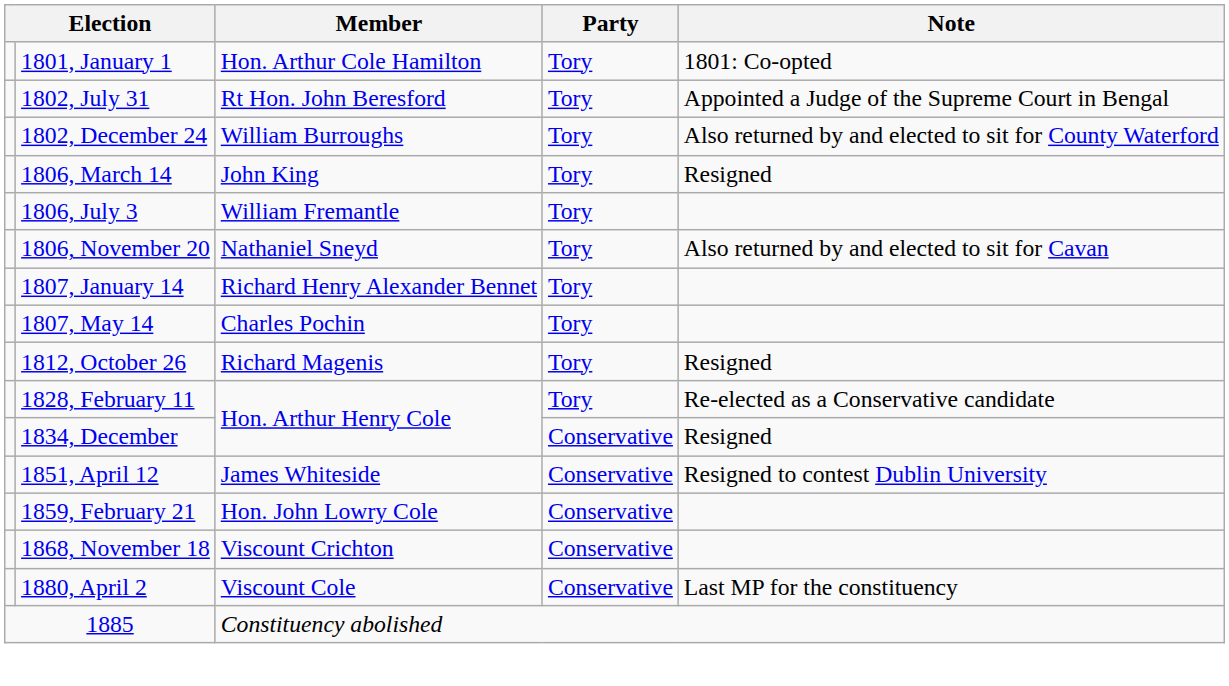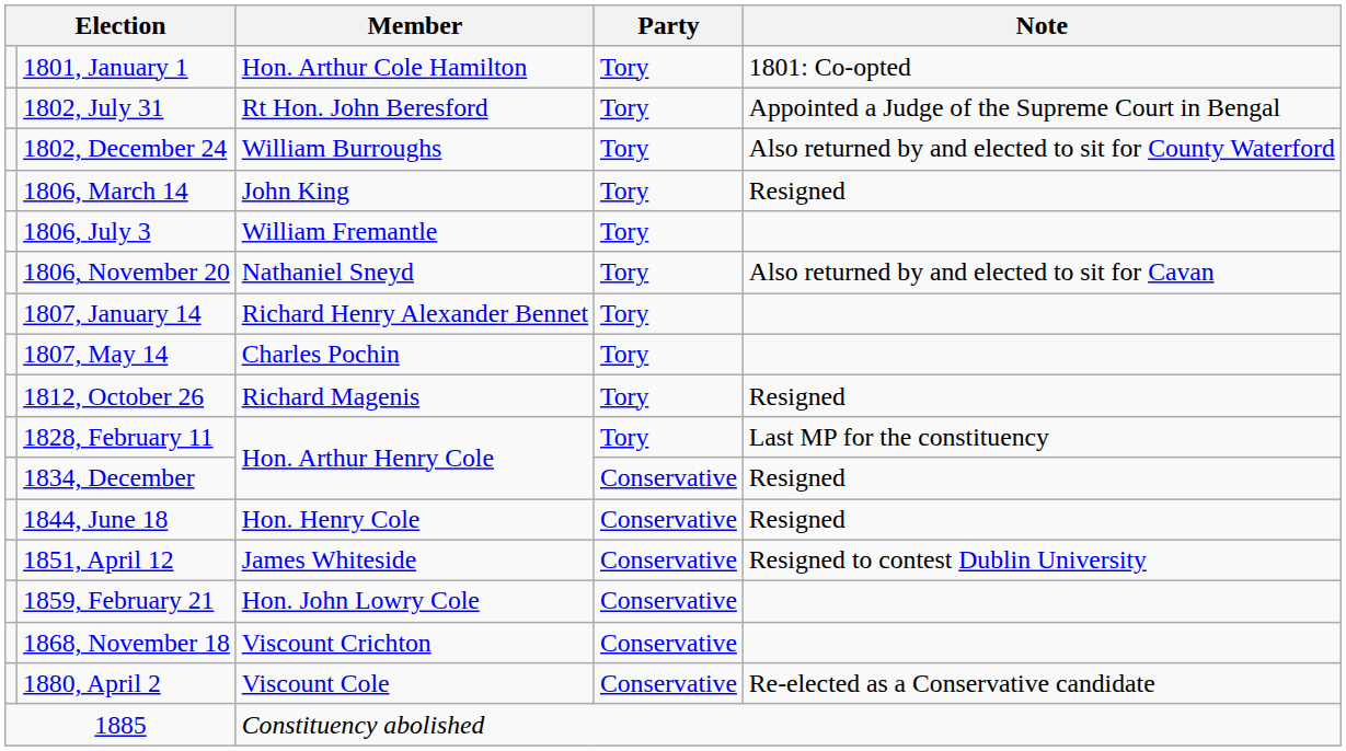 <table class="wikitable">
 <tr>
 <th colspan="2">Election</th>
 <th>Member</th>
 <th>Party</th>
 <th>Note</th>
 </tr>
 <tr>
 <td style="color:inherit;background-color: "></td>
 <td><a href='#'>1801, January 1</a></td>
 <td><a href='#'>Hon. Arthur Cole Hamilton</a></td>
 <td><a href='#'>Tory</a></td>
 <td>1801: Co-opted</td>
 </tr>
 <tr>
 <td style="color:inherit;background-color: "></td>
 <td><a href='#'>1802, July 31</a></td>
 <td><a href='#'>Rt Hon. John Beresford</a></td>
 <td><a href='#'>Tory</a></td>
 <td>Appointed a Judge of the Supreme Court in Bengal</td>
 </tr>
 <tr>
 <td style="color:inherit;background-color: "></td>
 <td><a href='#'>1802, December 24</a></td>
 <td><a href='#'>William Burroughs</a></td>
 <td><a href='#'>Tory</a></td>
 <td>Also returned by and elected to sit for <a href='#'>County Waterford</a></td>
 </tr>
 <tr>
 <td style="color:inherit;background-color: "></td>
 <td><a href='#'>1806, March 14</a></td>
 <td><a href='#'>John King</a></td>
 <td><a href='#'>Tory</a></td>
 <td>Resigned</td>
 </tr>
 <tr>
 <td style="color:inherit;background-color: "></td>
 <td><a href='#'>1806, July 3</a></td>
 <td><a href='#'>William Fremantle</a></td>
 <td><a href='#'>Tory</a></td>
 <td></td>
 </tr>
 <tr>
 <td style="color:inherit;background-color: "></td>
 <td><a href='#'>1806, November 20</a></td>
 <td><a href='#'>Nathaniel Sneyd</a></td>
 <td><a href='#'>Tory</a></td>
 <td>Also returned by and elected to sit for <a href='#'>Cavan</a></td>
 </tr>
 <tr>
 <td style="color:inherit;background-color: "></td>
 <td><a href='#'>1807, January 14</a></td>
 <td><a href='#'>Richard Henry Alexander Bennet</a></td>
 <td><a href='#'>Tory</a></td>
 <td></td>
 </tr>
 <tr>
 <td style="color:inherit;background-color: "></td>
 <td><a href='#'>1807, May 14</a></td>
 <td><a href='#'>Charles Pochin</a></td>
 <td><a href='#'>Tory</a></td>
 <td></td>
 </tr>
 <tr>
 <td style="color:inherit;background-color: "></td>
 <td><a href='#'>1812, October 26</a></td>
 <td><a href='#'>Richard Magenis</a></td>
 <td><a href='#'>Tory</a></td>
 <td>Resigned</td>
 </tr>
 <tr>
 <td style="color:inherit;background-color: "></td>
 <td><a href='#'>1828, February 11</a></td>
 <td rowspan="2"><a href='#'>Hon. Arthur Henry Cole</a></td>
 <td><a href='#'>Tory</a></td>
-<td>Re-elected as a Conservative candidate</td>
+<td>Last MP for the constituency</td>
 </tr>
 <tr>
 <td style="color:inherit;background-color: "></td>
 <td><a href='#'>1834, December</a></td>
+<td><a href='#'>Conservative</a></td>
+<td>Resigned</td>
+</tr>
+<tr>
+<td style="color:inherit;background-color: "></td>
+<td><a href='#'>1844, June 18</a></td>
+<td><a href='#'>Hon. Henry Cole</a></td>
 <td><a href='#'>Conservative</a></td>
 <td>Resigned</td>
 </tr>
 <tr>
 <td style="color:inherit;background-color: "></td>
 <td><a href='#'>1851, April 12</a></td>
 <td><a href='#'>James Whiteside</a></td>
 <td><a href='#'>Conservative</a></td>
 <td>Resigned to contest <a href='#'>Dublin University</a></td>
 </tr>
 <tr>
 <td style="color:inherit;background-color: "></td>
 <td><a href='#'>1859, February 21</a></td>
 <td><a href='#'>Hon. John Lowry Cole</a></td>
 <td><a href='#'>Conservative</a></td>
 <td></td>
 </tr>
 <tr>
 <td style="color:inherit;background-color: "></td>
 <td><a href='#'>1868, November 18</a></td>
 <td><a href='#'>Viscount Crichton</a></td>
 <td><a href='#'>Conservative</a></td>
 <td></td>
 </tr>
 <tr>
 <td style="color:inherit;background-color: "></td>
 <td><a href='#'>1880, April 2</a></td>
 <td><a href='#'>Viscount Cole</a></td>
 <td><a href='#'>Conservative</a></td>
-<td>Last MP for the constituency</td>
+<td>Re-elected as a Conservative candidate</td>
 </tr>
 <tr>
 <td colspan="2" align="center"><a href='#'>1885</a></td>
 <td colspan="3"><em>Constituency abolished</em></td>
 </tr>
 </table>
